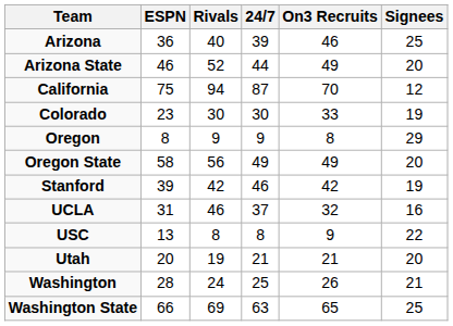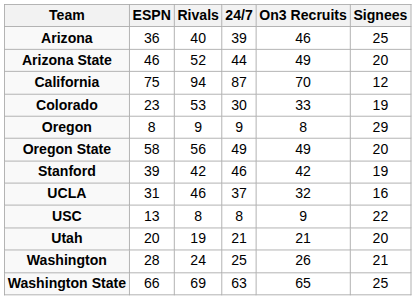 <table class="wikitable">
 <tr>
 <th>Team</th>
 <th>ESPN</th>
 <th>Rivals</th>
 <th>24/7</th>
 <th>On3 Recruits </th>
 <th>Signees</th>
 </tr>
 <tr style="text-align:center;">
 <td><strong>Arizona</strong></td>
 <td style="text-align:center; background:white">36</td>
 <td style="text-align:center; background:white">40</td>
 <td style="text-align:center; background:white">39</td>
 <td style="text-align:center; background:white">46</td>
 <td style="text-align:center; background:white">25</td>
 </tr>
 <tr style="text-align:center;">
 <td><strong>Arizona State</strong></td>
 <td style="text-align:center; background:white">46</td>
 <td style="text-align:center; background:white">52</td>
 <td style="text-align:center; background:white">44</td>
 <td style="text-align:center; background:white">49</td>
 <td style="text-align:center; background:white">20</td>
 </tr>
 <tr style="text-align:center;">
 <td><strong>California</strong></td>
 <td style="text-align:center; background:white">75</td>
 <td style="text-align:center; background:white">94</td>
 <td style="text-align:center; background:white">87</td>
 <td style="text-align:center; background:white">70</td>
 <td style="text-align:center; background:white">12</td>
 </tr>
 <tr style="text-align:center;">
 <td><strong>Colorado</strong></td>
 <td style="text-align:center; background:white">23</td>
-<td style="text-align:center; background:white">30</td>
+<td style="text-align:center; background:white">53</td>
 <td style="text-align:center; background:white">30</td>
 <td style="text-align:center; background:white">33</td>
 <td style="text-align:center; background:white">19</td>
 </tr>
 <tr style="text-align:center;">
 <td><strong>Oregon</strong></td>
 <td style="text-align:center; background:white">8</td>
 <td style="text-align:center; background:white">9</td>
 <td style="text-align:center; background:white">9</td>
 <td style="text-align:center; background:white">8</td>
 <td style="text-align:center; background:white">29</td>
 </tr>
 <tr style="text-align:center;">
 <td><strong>Oregon State</strong></td>
 <td style="text-align:center; background:white">58</td>
 <td style="text-align:center; background:white">56</td>
 <td style="text-align:center; background:white">49</td>
 <td style="text-align:center; background:white">49</td>
 <td style="text-align:center; background:white">20</td>
 </tr>
 <tr style="text-align:center;">
 <td><strong>Stanford</strong></td>
 <td style="text-align:center; background:white">39</td>
 <td style="text-align:center; background:white">42</td>
 <td style="text-align:center; background:white">46</td>
 <td style="text-align:center; background:white">42</td>
 <td style="text-align:center; background:white">19</td>
 </tr>
 <tr style="text-align:center;">
 <td><strong>UCLA</strong></td>
 <td style="text-align:center; background:white">31</td>
 <td style="text-align:center; background:white">46</td>
 <td style="text-align:center; background:white">37</td>
 <td style="text-align:center; background:white">32</td>
 <td style="text-align:center; background:white">16</td>
 </tr>
 <tr style="text-align:center;">
 <td><strong>USC</strong></td>
 <td style="text-align:center; background:white">13</td>
 <td style="text-align:center; background:white">8</td>
 <td style="text-align:center; background:white">8</td>
 <td style="text-align:center; background:white">9</td>
 <td style="text-align:center; background:white">22</td>
 </tr>
 <tr style="text-align:center;">
 <td><strong>Utah</strong></td>
 <td style="text-align:center; background:white">20</td>
 <td style="text-align:center; background:white">19</td>
 <td style="text-align:center; background:white">21</td>
 <td style="text-align:center; background:white">21</td>
 <td style="text-align:center; background:white">20</td>
 </tr>
 <tr style="text-align:center;">
 <td><strong>Washington</strong></td>
 <td style="text-align:center; background:white">28</td>
 <td style="text-align:center; background:white">24</td>
 <td style="text-align:center; background:white">25</td>
 <td style="text-align:center; background:white">26</td>
 <td style="text-align:center; background:white">21</td>
 </tr>
 <tr style="text-align:center;">
 <td><strong>Washington State</strong></td>
 <td style="text-align:center; background:white">66</td>
 <td style="text-align:center; background:white">69</td>
 <td style="text-align:center; background:white">63</td>
 <td style="text-align:center; background:white">65</td>
 <td style="text-align:center; background:white">25</td>
 </tr>
 </table>
